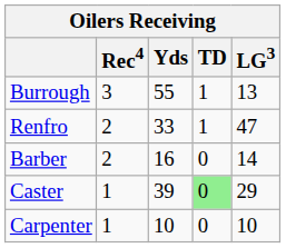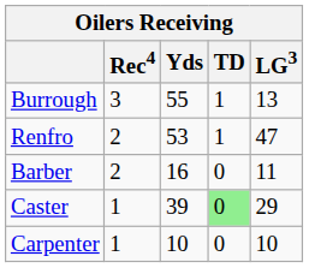 <table class="wikitable">
 <tr>
 <th colspan="5">Oilers Receiving</th>
 </tr>
 <tr>
 <th></th>
 <th>Rec<sup>4</sup></th>
 <th>Yds</th>
 <th>TD</th>
 <th>LG<sup>3</sup></th>
 </tr>
 <tr>
 <td><a href='#'>Burrough</a></td>
 <td>3</td>
 <td>55</td>
 <td>1</td>
 <td>13</td>
 </tr>
 <tr>
 <td><a href='#'>Renfro</a></td>
 <td>2</td>
-<td>33</td>
+<td>53</td>
 <td>1</td>
 <td>47</td>
 </tr>
 <tr>
 <td><a href='#'>Barber</a></td>
 <td>2</td>
 <td>16</td>
 <td>0</td>
-<td>14</td>
+<td>11</td>
 </tr>
 <tr>
 <td><a href='#'>Caster</a></td>
 <td>1</td>
 <td>39</td>
 <td style="background: lightgreen;">0</td>
 <td>29</td>
 </tr>
 <tr>
 <td><a href='#'>Carpenter</a></td>
 <td>1</td>
 <td>10</td>
 <td>0</td>
 <td>10</td>
 </tr>
 </table>
